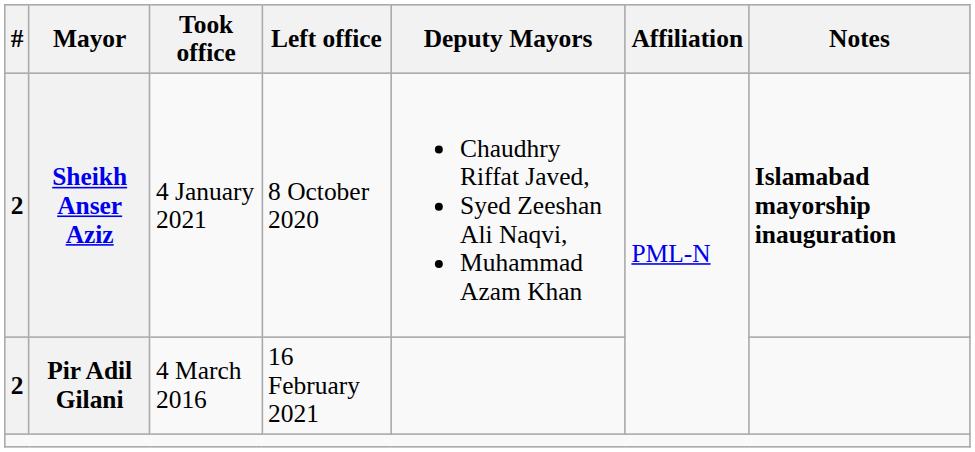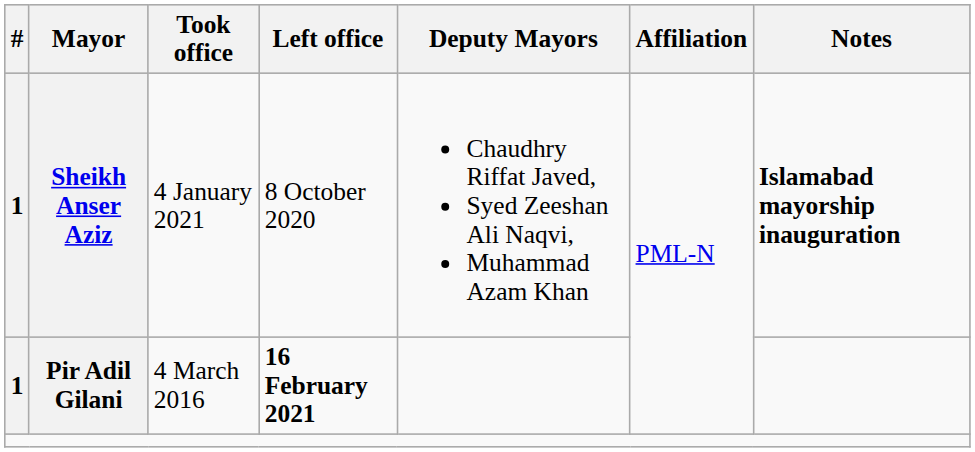 <table class="wikitable plainrowheaders">
 <tr List of Mayors>
 <th>#</th>
 <th>Mayor</th>
 <th>Took office</th>
 <th>Left office</th>
 <th>Deputy Mayors</th>
 <th>Affiliation</th>
 <th>Notes</th>
 </tr>
 <tr>
-<th>2</th>
+<th>1</th>
 <th><a href='#'>Sheikh Anser Aziz</a></th>
 <td>4 January 2021</td>
 <td>8 October 2020</td>
 <td><br><ul><li>Chaudhry Riffat Javed,</li><li>Syed Zeeshan Ali Naqvi,</li><li>Muhammad Azam Khan</li></ul></td>
 <td rowspan="2" style="background: 	"><a href='#'>PML-N</a></td>
 <td><strong>Islamabad mayorship inauguration</strong></td>
 </tr>
 <tr>
-<th>2</th>
+<th>1</th>
 <th>Pir Adil Gilani</th>
 <td>4 March 2016</td>
-<td>16 February 2021</td>
+<td><strong>16 February 2021</strong></td>
 <td></td>
 <td></td>
 </tr>
 <tr>
 <td colspan="7"></td>
 </tr>
 </table>
